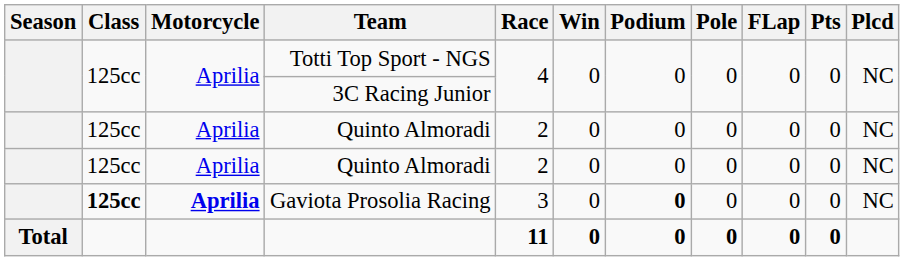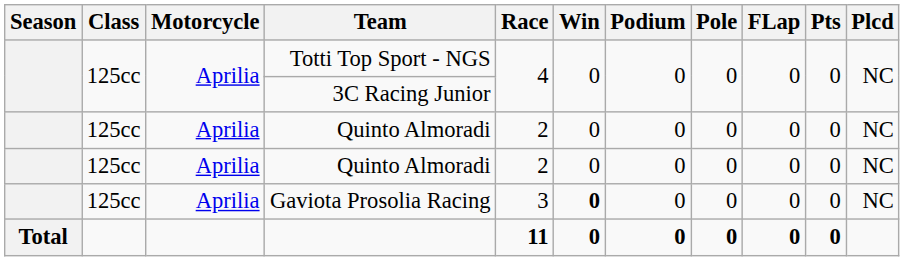 <table class="wikitable" style=text-align:right>
 <tr>
 <th>Season</th>
 <th>Class</th>
 <th>Motorcycle</th>
 <th>Team</th>
 <th>Race</th>
 <th>Win</th>
 <th>Podium</th>
 <th>Pole</th>
 <th>FLap</th>
 <th>Pts</th>
 <th>Plcd</th>
 </tr>
 <tr>
 <th rowspan=2></th>
 <td rowspan=2>125cc</td>
 <td rowspan=2><a href='#'>Aprilia</a></td>
 <td>Totti Top Sport - NGS</td>
 <td rowspan=2>4</td>
 <td rowspan=2>0</td>
 <td rowspan=2>0</td>
 <td rowspan=2>0</td>
 <td rowspan=2>0</td>
 <td rowspan=2>0</td>
 <td rowspan=2>NC</td>
 </tr>
 <tr>
 <td>3C Racing Junior</td>
 </tr>
 <tr>
 <th></th>
 <td>125cc</td>
 <td><a href='#'>Aprilia</a></td>
 <td>Quinto Almoradi</td>
 <td>2</td>
 <td>0</td>
 <td>0</td>
 <td>0</td>
 <td>0</td>
 <td>0</td>
 <td>NC</td>
 </tr>
 <tr>
 <th></th>
 <td>125cc</td>
 <td><a href='#'>Aprilia</a></td>
 <td>Quinto Almoradi</td>
 <td>2</td>
 <td>0</td>
 <td>0</td>
 <td>0</td>
 <td>0</td>
 <td>0</td>
 <td>NC</td>
 </tr>
 <tr>
 <th></th>
-<td><strong>125cc</strong></td>
-<td><strong><a href='#'>Aprilia</a></strong></td>
+<td>125cc</td>
+<td><a href='#'>Aprilia</a></td>
 <td>Gaviota Prosolia Racing</td>
 <td>3</td>
+<td><strong>0</strong></td>
 <td>0</td>
-<td><strong>0</strong></td>
 <td>0</td>
 <td>0</td>
 <td>0</td>
 <td>NC</td>
 </tr>
 <tr>
 <th>Total</th>
 <td></td>
 <td></td>
 <td></td>
 <td><strong>11</strong></td>
 <td><strong>0</strong></td>
 <td><strong>0</strong></td>
 <td><strong>0</strong></td>
 <td><strong>0</strong></td>
 <td><strong>0</strong></td>
 <td></td>
 </tr>
 </table>
